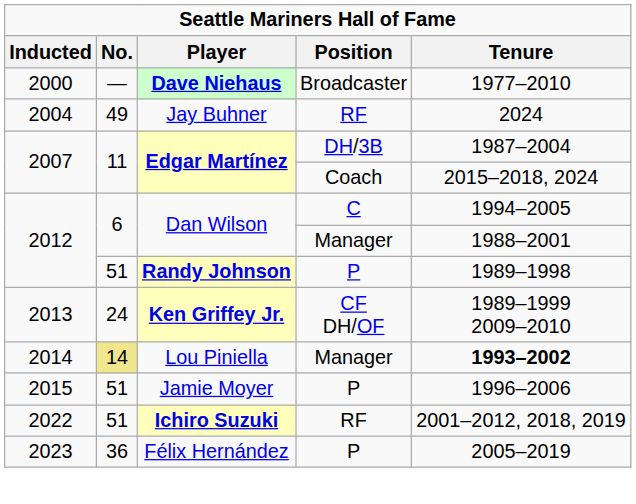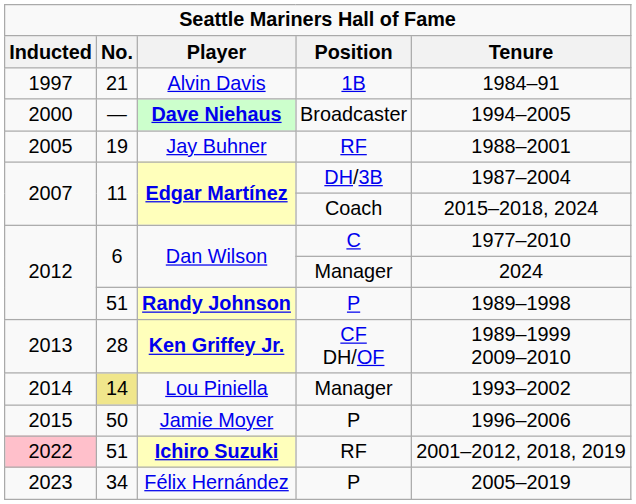 <table class="wikitable" style="text-align:center">
 <tr>
 <td colspan="5"><strong>Seattle Mariners Hall of Fame</strong></td>
 </tr>
 <tr>
 <th>Inducted</th>
 <th>No.</th>
 <th>Player</th>
 <th>Position</th>
 <th>Tenure</th>
 </tr>
 <tr>
+<td>1997</td>
+<td>21</td>
+<td><a href='#'>Alvin Davis</a></td>
+<td><a href='#'>1B</a></td>
+<td>1984–91</td>
+</tr>
+<tr>
 <td>2000</td>
 <td>—</td>
 <td style="background:#cfc;"><strong><a href='#'>Dave Niehaus</a></strong></td>
 <td>Broadcaster</td>
-<td>1977–2010</td>
+<td>1994–2005</td>
 </tr>
 <tr>
-<td>2004</td>
-<td>49</td>
+<td>2005</td>
+<td>19</td>
 <td><a href='#'>Jay Buhner</a></td>
 <td><a href='#'>RF</a></td>
-<td>2024</td>
+<td>1988–2001</td>
 </tr>
 <tr>
 <td rowspan="2">2007</td>
 <td rowspan="2">11</td>
 <td rowspan="2" style="background:#ffb;"><strong><a href='#'>Edgar Martínez</a></strong></td>
 <td><a href='#'>DH</a>/<a href='#'>3B</a></td>
 <td>1987–2004</td>
 </tr>
 <tr>
 <td>Coach</td>
 <td>2015–2018, 2024</td>
 </tr>
 <tr>
 <td rowspan="3">2012</td>
 <td rowspan="2">6</td>
 <td rowspan="2"><a href='#'>Dan Wilson</a></td>
 <td><a href='#'>C</a></td>
-<td>1994–2005</td>
+<td>1977–2010</td>
 </tr>
 <tr>
 <td>Manager</td>
-<td>1988–2001</td>
+<td>2024</td>
 </tr>
 <tr>
 <td>51</td>
 <td style="background:#ffb;"><strong><a href='#'>Randy Johnson</a></strong></td>
 <td><a href='#'>P</a></td>
 <td>1989–1998</td>
 </tr>
 <tr>
 <td>2013</td>
-<td>24</td>
+<td>28</td>
 <td style="background:#ffb;"><strong><a href='#'>Ken Griffey Jr.</a></strong></td>
 <td><a href='#'>CF</a><br>DH/<a href='#'>OF</a></td>
 <td>1989–1999<br>2009–2010</td>
 </tr>
 <tr>
 <td>2014</td>
 <td style="background: khaki;">14</td>
 <td><a href='#'>Lou Piniella</a></td>
 <td>Manager</td>
-<td><strong>1993–2002</strong></td>
+<td>1993–2002</td>
 </tr>
 <tr>
 <td>2015</td>
-<td>51</td>
+<td>50</td>
 <td><a href='#'>Jamie Moyer</a></td>
 <td>P</td>
 <td>1996–2006</td>
 </tr>
 <tr>
-<td>2022</td>
+<td style="background: pink;">2022</td>
 <td>51</td>
 <td style="background:#ffb;"><strong><a href='#'>Ichiro Suzuki</a></strong></td>
 <td>RF</td>
 <td>2001–2012, 2018, 2019</td>
 </tr>
 <tr>
 <td>2023</td>
-<td>36</td>
+<td>34</td>
 <td><a href='#'>Félix Hernández</a></td>
 <td>P</td>
 <td>2005–2019</td>
 </tr>
 </table>
